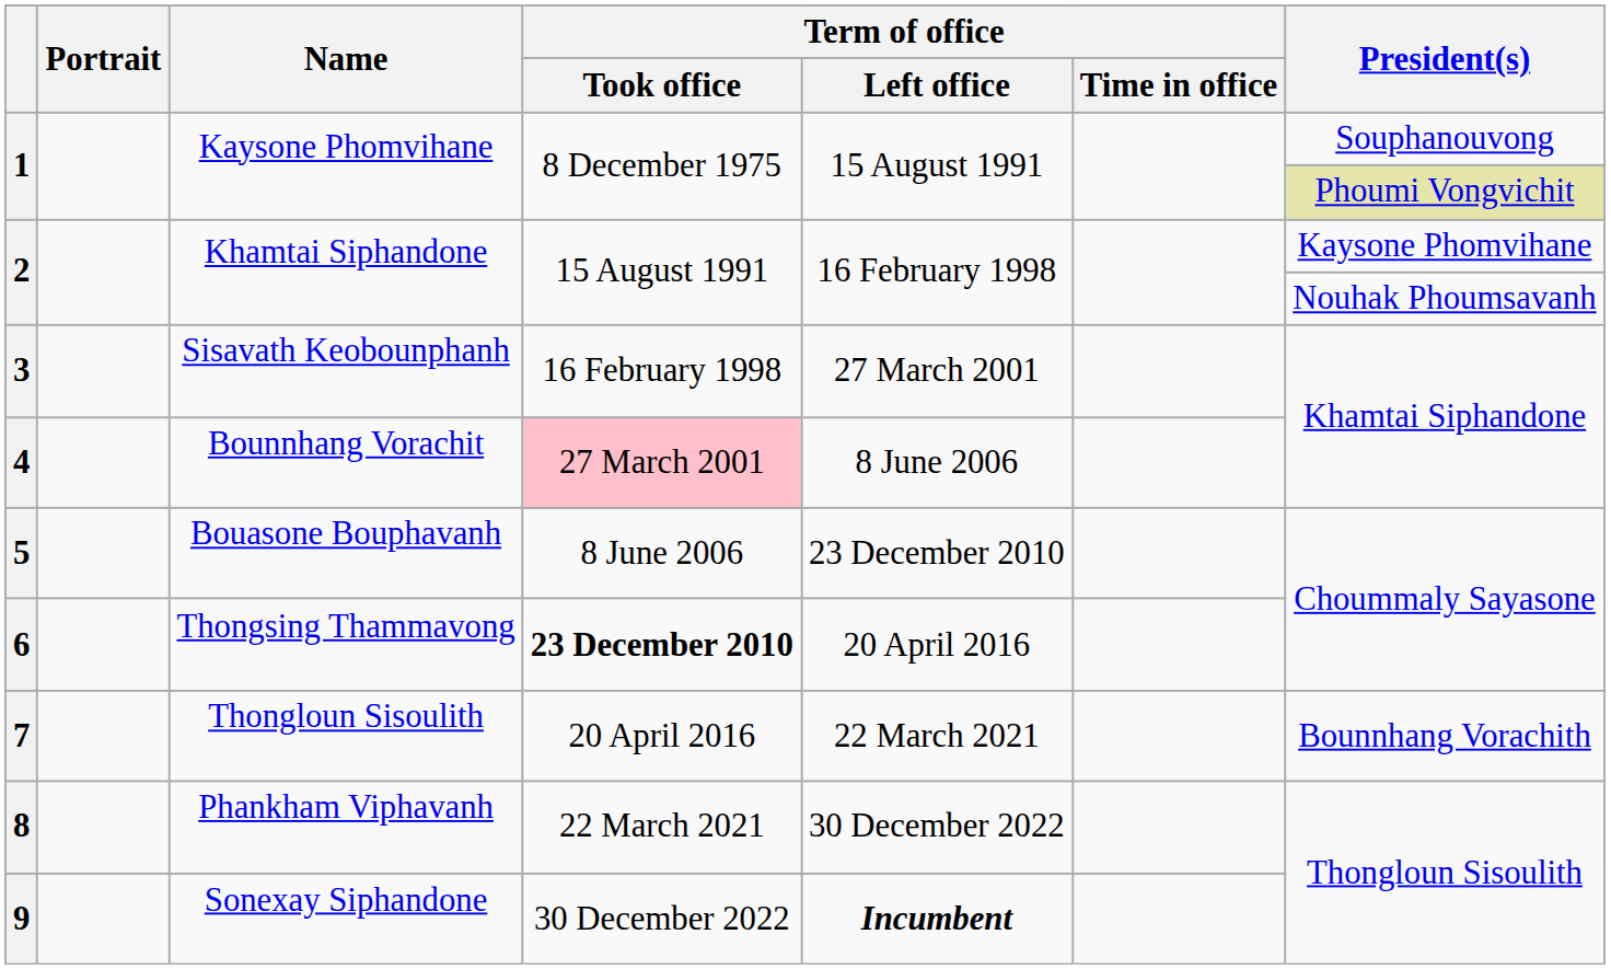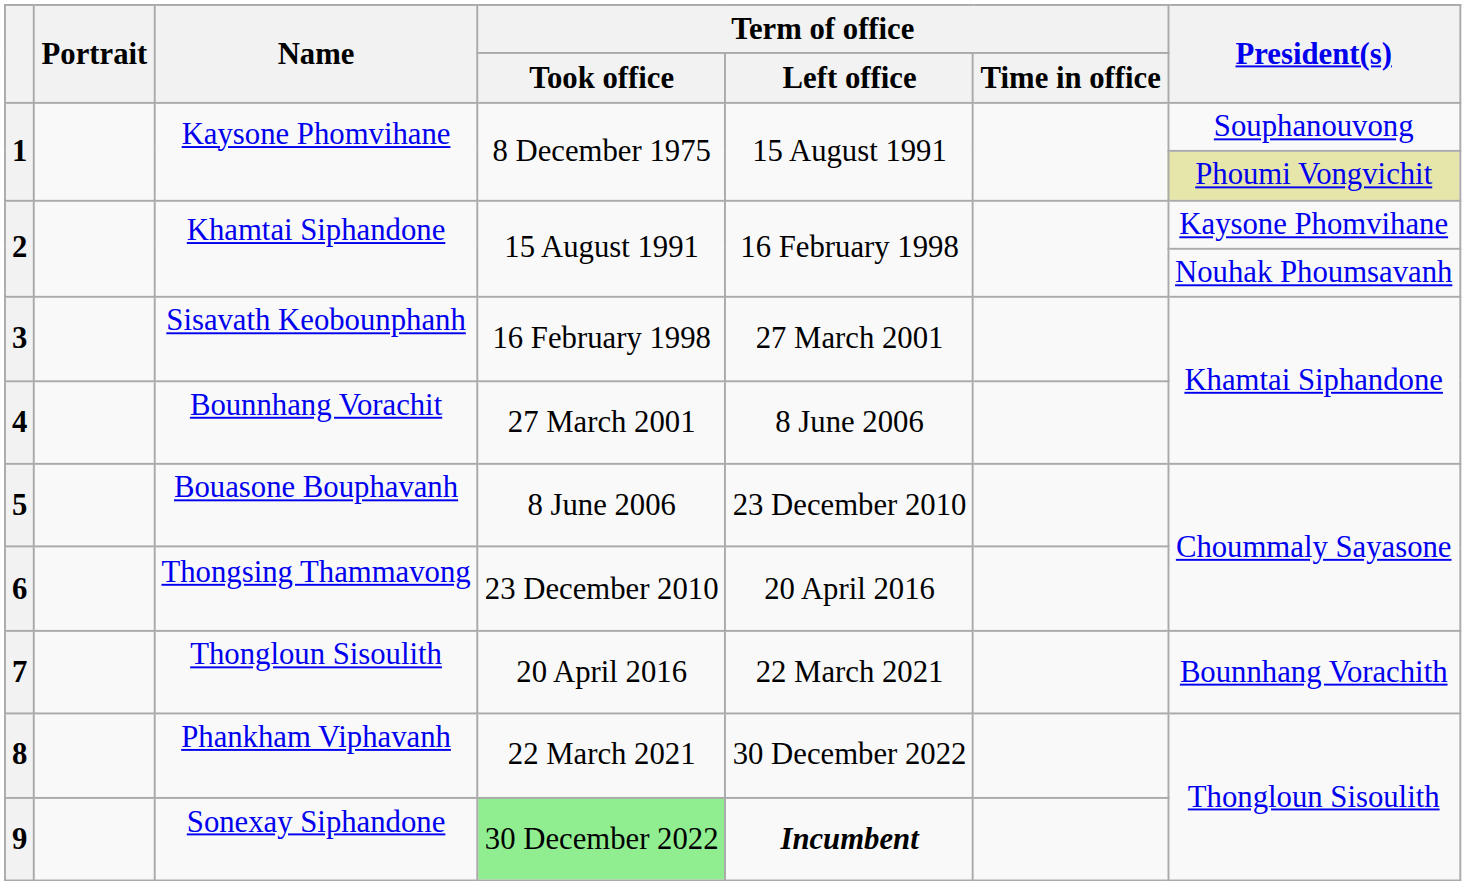 <table class="wikitable" style="text-align:center">
 <tr>
 <th rowspan=2></th>
 <th rowspan=2>Portrait</th>
 <th rowspan=2>Name<br></th>
 <th colspan=3>Term of office</th>
 <th rowspan=2><a href='#'>President(s)</a></th>
 </tr>
 <tr>
 <th>Took office</th>
 <th>Left office</th>
 <th>Time in office</th>
 </tr>
 <tr>
 <th rowspan="2">1</th>
 <td rowspan="2"></td>
 <td rowspan="2"><a href='#'>Kaysone Phomvihane</a><br><br></td>
 <td rowspan="2">8 December 1975</td>
 <td rowspan="2">15 August 1991</td>
 <td rowspan="2"></td>
 <td><a href='#'>Souphanouvong</a></td>
 </tr>
 <tr>
 <td style="background:#e6e6aa;"><a href='#'>Phoumi Vongvichit</a></td>
 </tr>
 <tr>
 <th rowspan="2">2</th>
 <td rowspan="2"></td>
 <td rowspan="2"><a href='#'>Khamtai Siphandone</a><br><br></td>
 <td rowspan="2">15 August 1991</td>
 <td rowspan="2">16 February 1998</td>
 <td rowspan="2"></td>
 <td><a href='#'>Kaysone Phomvihane</a></td>
 </tr>
 <tr>
 <td><a href='#'>Nouhak Phoumsavanh</a></td>
 </tr>
 <tr>
 <th>3</th>
 <td></td>
 <td><a href='#'>Sisavath Keobounphanh</a><br><br></td>
 <td>16 February 1998</td>
 <td>27 March 2001</td>
 <td></td>
 <td rowspan="2"><a href='#'>Khamtai Siphandone</a></td>
 </tr>
 <tr>
 <th>4</th>
 <td></td>
 <td><a href='#'>Bounnhang Vorachit</a><br><br></td>
-<td style="background: pink;">27 March 2001</td>
+<td>27 March 2001</td>
 <td>8 June 2006</td>
 <td></td>
 </tr>
 <tr>
 <th>5</th>
 <td></td>
 <td><a href='#'>Bouasone Bouphavanh</a><br><br></td>
 <td>8 June 2006</td>
 <td>23 December 2010</td>
 <td></td>
 <td rowspan="2"><a href='#'>Choummaly Sayasone</a></td>
 </tr>
 <tr>
 <th>6</th>
 <td></td>
 <td><a href='#'>Thongsing Thammavong</a><br><br></td>
-<td><strong>23 December 2010</strong></td>
+<td>23 December 2010</td>
 <td>20 April 2016</td>
 <td></td>
 </tr>
 <tr>
 <th>7</th>
 <td></td>
 <td><a href='#'>Thongloun Sisoulith</a><br><br></td>
 <td>20 April 2016</td>
 <td>22 March 2021</td>
 <td></td>
 <td><a href='#'>Bounnhang Vorachith</a></td>
 </tr>
 <tr>
 <th>8</th>
 <td></td>
 <td><a href='#'>Phankham Viphavanh</a><br><br></td>
 <td>22 March 2021</td>
 <td>30 December 2022</td>
 <td></td>
 <td rowspan="2"><a href='#'>Thongloun Sisoulith</a></td>
 </tr>
 <tr>
 <th>9</th>
 <td></td>
 <td><a href='#'>Sonexay Siphandone</a><br><br></td>
-<td>30 December 2022</td>
+<td style="background: lightgreen;">30 December 2022</td>
 <td><strong><em>Incumbent</em></strong></td>
 <td></td>
 </tr>
 </table>
